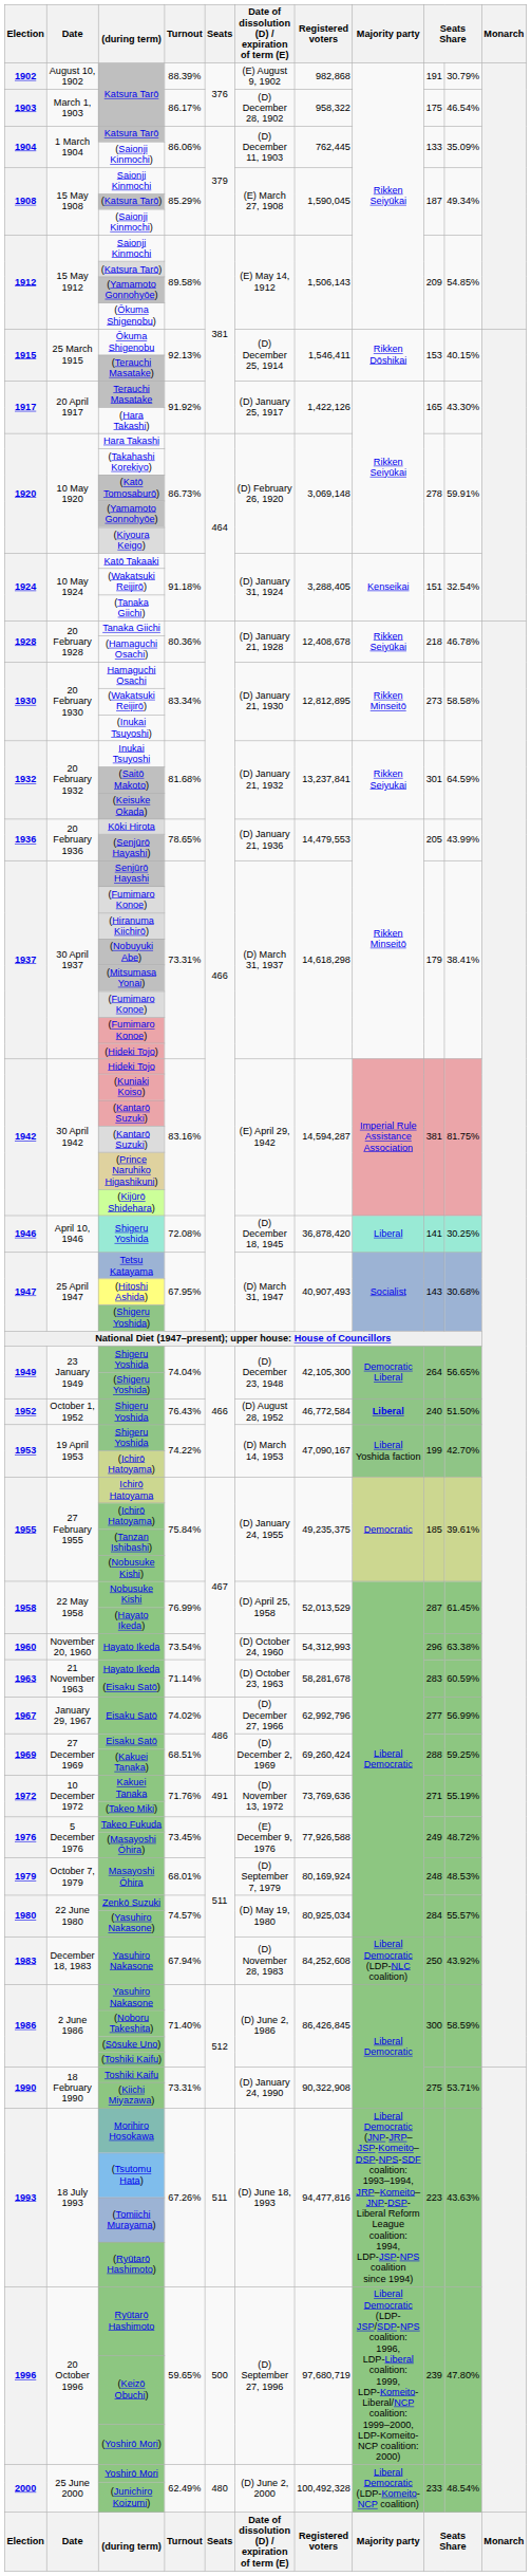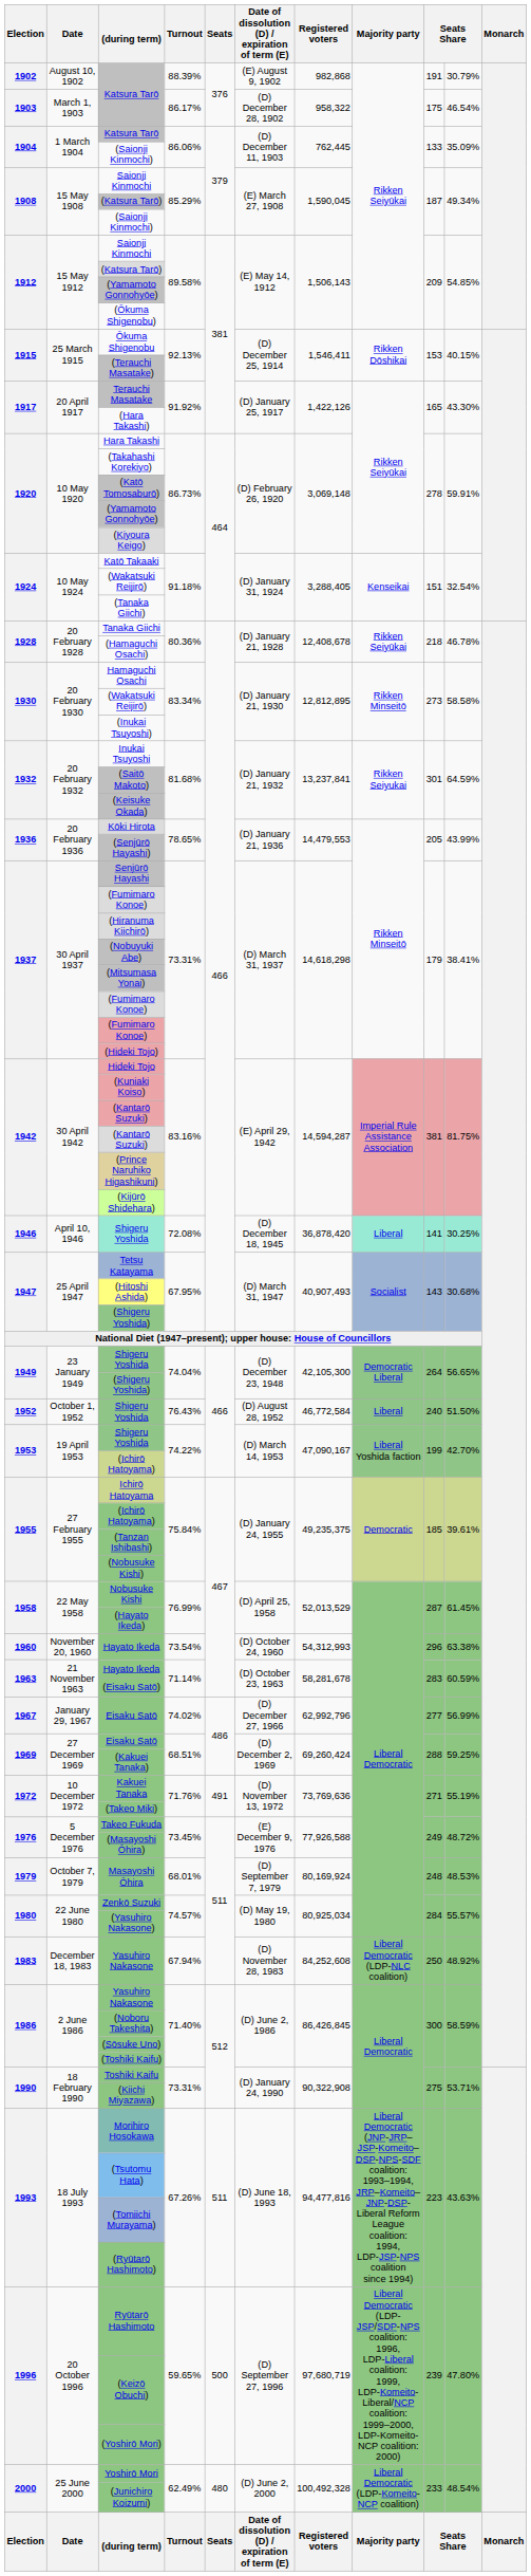 <table class="wikitable plainrowheaders" style="text-align:center">
 <tr>
 <th>Election</th>
 <th>Date</th>
 <th><br>(during term)</th>
 <th>Turnout</th>
 <th>Seats</th>
 <th>Date of<br>dissolution (D) /<br>expiration of term (E)</th>
 <th>Registered<br>voters</th>
 <th>Majority party</th>
 <th colspan=2>Seats Share</th>
 <th>Monarch<br></th>
 </tr>
 <tr>
 <th><a href='#'>1902</a></th>
 <td>August 10, 1902</td>
 <td bgcolor="#bfbfbf" rowspan=2><a href='#'>Katsura Tarō</a></td>
 <td>88.39%</td>
 <td rowspan=2>376</td>
 <td>(E) August 9, 1902</td>
 <td align="right">982,868</td>
 <td rowspan="11"><a href='#'>Rikken Seiyūkai</a></td>
 <td>191</td>
 <td>30.79%</td>
 <th rowspan=11 style="font-weight:normal"><strong></strong><br><div></div></th>
 </tr>
 <tr>
 <th><a href='#'>1903</a></th>
 <td>March 1, 1903</td>
 <td>86.17%</td>
 <td>(D) December 28, 1902</td>
 <td align="right">958,322</td>
 <td>175</td>
 <td>46.54%</td>
 </tr>
 <tr>
 <th rowspan=2><a href='#'>1904</a></th>
 <td rowspan=2>1 March 1904</td>
 <td bgcolor="#bfbfbf"><a href='#'>Katsura Tarō</a></td>
 <td rowspan=2>86.06%</td>
 <td rowspan=5>379</td>
 <td rowspan=2>(D) December 11, 1903</td>
 <td rowspan=2 align="right">762,445</td>
 <td rowspan=2>133</td>
 <td rowspan=2>35.09%</td>
 </tr>
 <tr>
 <td>(<a href='#'>Saionji Kinmochi</a>)</td>
 </tr>
 <tr>
 <th rowspan=3><a href='#'>1908</a></th>
 <td rowspan=3>15 May 1908</td>
 <td><a href='#'>Saionji Kinmochi</a></td>
 <td rowspan=3>85.29%</td>
 <td rowspan=3>(E) March 27, 1908</td>
 <td rowspan=3 align="right">1,590,045</td>
 <td rowspan=3>187</td>
 <td rowspan=3>49.34%</td>
 </tr>
 <tr>
 <td bgcolor="#bfbfbf">(<a href='#'>Katsura Tarō</a>)</td>
 </tr>
 <tr>
 <td>(<a href='#'>Saionji Kinmochi</a>)</td>
 </tr>
 <tr>
 <th rowspan=4><a href='#'>1912</a></th>
 <td rowspan=4>15 May 1912</td>
 <td><a href='#'>Saionji Kinmochi</a></td>
 <td rowspan=4>89.58%</td>
 <td rowspan=8>381</td>
 <td rowspan=4>(E) May 14, 1912</td>
 <td rowspan=4 align="right">1,506,143</td>
 <td rowspan=4>209</td>
 <td rowspan=4>54.85%</td>
 </tr>
 <tr>
 <td bgcolor="Gainsboro">(<a href='#'>Katsura Tarō</a>)</td>
 </tr>
 <tr>
 <td bgcolor="#bfbfbf">(<a href='#'>Yamamoto Gonnohyōe</a>)</td>
 </tr>
 <tr>
 <td bgcolor=>(<a href='#'>Ōkuma Shigenobu</a>)</td>
 </tr>
 <tr>
 <th rowspan=2><a href='#'>1915</a></th>
 <td rowspan=2>25 March 1915</td>
 <td bgcolor=><a href='#'>Ōkuma Shigenobu</a></td>
 <td rowspan=2>92.13%</td>
 <td rowspan=2>(D) December 25, 1914</td>
 <td rowspan=2 align="right">1,546,411</td>
 <td rowspan=2 bgcolor=><a href='#'>Rikken Dōshikai</a></td>
 <td rowspan=2 bgcolor=>153</td>
 <td rowspan=2 bgcolor=>40.15%</td>
 <th rowspan=12 style="font-weight:normal"><strong></strong><br><div></div></th>
 </tr>
 <tr>
 <td bgcolor="#bfbfbf">(<a href='#'>Terauchi Masatake</a>)</td>
 </tr>
 <tr>
 <th rowspan=2><a href='#'>1917</a></th>
 <td rowspan=2>20 April 1917</td>
 <td bgcolor="#bfbfbf"><a href='#'>Terauchi Masatake</a></td>
 <td rowspan=2>91.92%</td>
 <td rowspan=2>(D) January 25, 1917</td>
 <td rowspan=2 align="right">1,422,126</td>
 <td rowspan=7 bgcolor=><a href='#'>Rikken Seiyūkai</a></td>
 <td rowspan=2 bgcolor=>165</td>
 <td rowspan=2 bgcolor=>43.30%</td>
 </tr>
 <tr>
 <td bgcolor=>(<a href='#'>Hara Takashi</a>)</td>
 </tr>
 <tr>
 <th rowspan=5><a href='#'>1920</a></th>
 <td rowspan=5>10 May 1920</td>
 <td bgcolor=><a href='#'>Hara Takashi</a></td>
 <td rowspan=5>86.73%</td>
 <td rowspan=8>464</td>
 <td rowspan=5>(D) February 26, 1920</td>
 <td rowspan=5 align="right">3,069,148</td>
 <td rowspan=5 bgcolor=>278</td>
 <td rowspan=5 bgcolor=>59.91%</td>
 </tr>
 <tr>
 <td bgcolor=>(<a href='#'>Takahashi Korekiyo</a>)</td>
 </tr>
 <tr>
 <td bgcolor="#bfbfbf">(<a href='#'>Katō Tomosaburō</a>)</td>
 </tr>
 <tr>
 <td bgcolor="#bfbfbf">(<a href='#'>Yamamoto Gonnohyōe</a>)</td>
 </tr>
 <tr>
 <td bgcolor="Gainsboro">(<a href='#'>Kiyoura Keigo</a>)</td>
 </tr>
 <tr>
 <th rowspan=3><a href='#'>1924</a></th>
 <td rowspan=3>10 May 1924</td>
 <td bgcolor=><a href='#'>Katō Takaaki</a></td>
 <td rowspan=3>91.18%</td>
 <td rowspan=3>(D) January 31, 1924</td>
 <td rowspan=3 align="right">3,288,405</td>
 <td rowspan=3 bgcolor=><a href='#'>Kenseikai</a></td>
 <td rowspan=3 bgcolor=>151</td>
 <td rowspan=3 bgcolor=>32.54%</td>
 </tr>
 <tr>
 <td bgcolor=>(<a href='#'>Wakatsuki Reijirō</a>)</td>
 </tr>
 <tr>
 <td bgcolor=>(<a href='#'>Tanaka Giichi</a>)</td>
 </tr>
 <tr>
 <th rowspan=2><a href='#'>1928</a></th>
 <td rowspan=2>20 February 1928</td>
 <td bgcolor=><a href='#'>Tanaka Giichi</a></td>
 <td rowspan=2>80.36%</td>
 <td rowspan=28>466</td>
 <td rowspan=2>(D) January 21, 1928</td>
 <td rowspan=2 align="right">12,408,678</td>
 <td rowspan=2 bgcolor=><a href='#'>Rikken Seiyūkai</a></td>
 <td rowspan=2 bgcolor=>218</td>
 <td rowspan=2 bgcolor=>46.78%</td>
 <th rowspan=58 style="font-weight:normal"><strong></strong><br><div></div></th>
 </tr>
 <tr>
 <td>(<a href='#'>Hamaguchi Osachi</a>)</td>
 </tr>
 <tr>
 <th rowspan=3><a href='#'>1930</a></th>
 <td rowspan=3>20 February 1930</td>
 <td><a href='#'>Hamaguchi Osachi</a></td>
 <td rowspan=3>83.34%</td>
 <td rowspan=3>(D) January 21, 1930</td>
 <td rowspan=3 align="right">12,812,895</td>
 <td rowspan=3><a href='#'>Rikken Minseitō</a></td>
 <td rowspan=3>273</td>
 <td rowspan=3>58.58%</td>
 </tr>
 <tr>
 <td>(<a href='#'>Wakatsuki Reijirō</a>)</td>
 </tr>
 <tr>
 <td>(<a href='#'>Inukai Tsuyoshi</a>)</td>
 </tr>
 <tr>
 <th rowspan=3><a href='#'>1932</a></th>
 <td rowspan=3>20 February 1932</td>
 <td><a href='#'>Inukai Tsuyoshi</a></td>
 <td rowspan=3>81.68%</td>
 <td rowspan=3>(D) January 21, 1932</td>
 <td rowspan=3 align="right">13,237,841</td>
 <td rowspan=3><a href='#'>Rikken Seiyukai</a></td>
 <td rowspan=3>301</td>
 <td rowspan=3>64.59%</td>
 </tr>
 <tr>
 <td bgcolor="#bfbfbf">(<a href='#'>Saitō Makoto</a>)</td>
 </tr>
 <tr>
 <td bgcolor="#bfbfbf">(<a href='#'>Keisuke Okada</a>)</td>
 </tr>
 <tr>
 <th rowspan=2><a href='#'>1936</a></th>
 <td rowspan=2>20 February 1936</td>
 <td bgcolor="Gainsboro"><a href='#'>Kōki Hirota</a></td>
 <td rowspan=2>78.65%</td>
 <td rowspan=2>(D) January 21, 1936</td>
 <td rowspan=2 align="right">14,479,553</td>
 <td rowspan=10><a href='#'>Rikken Minseitō</a></td>
 <td rowspan=2>205</td>
 <td rowspan=2>43.99%</td>
 </tr>
 <tr>
 <td bgcolor="#bfbfbf">(<a href='#'>Senjūrō Hayashi</a>)</td>
 </tr>
 <tr>
 <th rowspan=8><a href='#'>1937</a></th>
 <td rowspan=8>30 April 1937</td>
 <td bgcolor="#bfbfbf"><a href='#'>Senjūrō Hayashi</a></td>
 <td rowspan=8>73.31%</td>
 <td rowspan=8>(D) March 31, 1937</td>
 <td rowspan=8 align="right">14,618,298</td>
 <td rowspan=8>179</td>
 <td rowspan=8>38.41%</td>
 </tr>
 <tr>
 <td bgcolor="Gainsboro">(<a href='#'>Fumimaro Konoe</a>)</td>
 </tr>
 <tr>
 <td bgcolor="Gainsboro">(<a href='#'>Hiranuma Kiichirō</a>)</td>
 </tr>
 <tr>
 <td bgcolor="#bfbfbf">(<a href='#'>Nobuyuki Abe</a>)</td>
 </tr>
 <tr>
 <td bgcolor="#bfbfbf">(<a href='#'>Mitsumasa Yonai</a>)</td>
 </tr>
 <tr>
 <td bgcolor="Gainsboro">(<a href='#'>Fumimaro Konoe</a>)</td>
 </tr>
 <tr>
 <td bgcolor="#eba5a9">(<a href='#'>Fumimaro Konoe</a>)</td>
 </tr>
 <tr>
 <td bgcolor="#eba5a9">(<a href='#'>Hideki Tojo</a>)</td>
 </tr>
 <tr>
 <th rowspan=6><a href='#'>1942</a></th>
 <td rowspan=6>30 April 1942</td>
 <td bgcolor="#eba5a9"><a href='#'>Hideki Tojo</a></td>
 <td rowspan=6>83.16%</td>
 <td rowspan=6>(E) April 29, 1942</td>
 <td rowspan=6 align="right">14,594,287</td>
 <td rowspan=6 bgcolor="#eba5a9"><a href='#'>Imperial Rule Assistance Association</a></td>
 <td rowspan=6 bgcolor="#eba5a9">381</td>
 <td rowspan=6 bgcolor="#eba5a9">81.75%</td>
 </tr>
 <tr>
 <td bgcolor="#eba5a9">(<a href='#'>Kuniaki Koiso</a>)</td>
 </tr>
 <tr>
 <td bgcolor="#eba5a9">(<a href='#'>Kantarō Suzuki</a>)</td>
 </tr>
 <tr>
 <td bgcolor="Gainsboro">(<a href='#'>Kantarō Suzuki</a>)</td>
 </tr>
 <tr>
 <td bgcolor="#dfd29f">(<a href='#'>Prince Naruhiko Higashikuni</a>)</td>
 </tr>
 <tr>
 <td bgcolor="#ccff99">(<a href='#'>Kijūrō Shidehara</a>)</td>
 </tr>
 <tr>
 <th><a href='#'>1946</a></th>
 <td>April 10, 1946</td>
 <td bgcolor="#99ead5"><a href='#'>Shigeru Yoshida</a></td>
 <td>72.08%</td>
 <td>(D) December 18, 1945</td>
 <td align="right">36,878,420</td>
 <td bgcolor="#99ead5"><a href='#'>Liberal</a></td>
 <td bgcolor="#99ead5">141</td>
 <td bgcolor="#99ead5">30.25%</td>
 </tr>
 <tr>
 <th rowspan=3><a href='#'>1947</a></th>
 <td rowspan=3>25 April 1947</td>
 <td bgcolor="#9cb3d4"><a href='#'>Tetsu Katayama</a></td>
 <td rowspan=3>67.95%</td>
 <td rowspan=3>(D) March 31, 1947</td>
 <td rowspan=3 align="right">40,907,493</td>
 <td rowspan=3 bgcolor="#9cb3d4"><a href='#'>Socialist</a></td>
 <td rowspan=3 bgcolor="#9cb3d4">143</td>
 <td rowspan=3 bgcolor="#9cb3d4">30.68%</td>
 </tr>
 <tr>
 <td bgcolor="#ffff7f">(<a href='#'>Hitoshi Ashida</a>)</td>
 </tr>
 <tr>
 <td bgcolor="#8fc586">(<a href='#'>Shigeru Yoshida</a>)</td>
 </tr>
 <tr>
 <td align="center" style="background:#efefef;" colspan="10"><strong>National Diet (1947–present); upper house: <a href='#'>House of Councillors</a></strong></td>
 </tr>
 <tr>
 <th rowspan=2><a href='#'>1949</a></th>
 <td rowspan=2>23 January 1949</td>
 <td bgcolor="#8fc586"><a href='#'>Shigeru Yoshida</a></td>
 <td rowspan=2>74.04%</td>
 <td rowspan=5>466</td>
 <td rowspan=2>(D) December 23, 1948</td>
 <td rowspan=2 align="right">42,105,300</td>
 <td rowspan=2 bgcolor="#8fc586"><a href='#'>Democratic Liberal</a></td>
 <td rowspan=2 bgcolor="#8fc586">264</td>
 <td rowspan=2 bgcolor="#8fc586">56.65%</td>
 </tr>
 <tr>
 <td bgcolor="#8fc586">(<a href='#'>Shigeru Yoshida</a>)</td>
 </tr>
 <tr>
 <th><a href='#'>1952</a></th>
 <td>October 1, 1952</td>
 <td bgcolor="#8fc586"><a href='#'>Shigeru Yoshida</a></td>
 <td>76.43%</td>
 <td>(D) August 28, 1952</td>
 <td align="right">46,772,584</td>
-<td bgcolor="#8fc586"><strong><a href='#'>Liberal</a></strong></td>
+<td bgcolor="#8fc586"><a href='#'>Liberal</a></td>
 <td bgcolor="#8fc586">240</td>
 <td bgcolor="#8fc586">51.50%</td>
 </tr>
 <tr>
 <th rowspan=2><a href='#'>1953</a></th>
 <td rowspan=2>19 April 1953</td>
 <td bgcolor="#8fc586"><a href='#'>Shigeru Yoshida</a></td>
 <td rowspan=2>74.22%</td>
 <td rowspan=2>(D) March 14, 1953</td>
 <td rowspan=2 align="right">47,090,167</td>
 <td rowspan=2 bgcolor="#8fc586"><a href='#'>Liberal</a><br>Yoshida faction</td>
 <td rowspan=2 bgcolor="#8fc586">199</td>
 <td rowspan=2 bgcolor="#8fc586">42.70%</td>
 </tr>
 <tr>
 <td bgcolor="#ccd790">(<a href='#'>Ichirō Hatoyama</a>)</td>
 </tr>
 <tr>
 <th rowspan=4><a href='#'>1955</a></th>
 <td rowspan=4>27 February 1955</td>
 <td bgcolor="#ccd790"><a href='#'>Ichirō Hatoyama</a></td>
 <td rowspan=4>75.84%</td>
 <td rowspan=9>467</td>
 <td rowspan=4>(D) January 24, 1955</td>
 <td rowspan=4 align="right">49,235,375</td>
 <td rowspan=4 bgcolor="#ccd790"><a href='#'>Democratic</a></td>
 <td rowspan=4 bgcolor="#ccd790">185</td>
 <td rowspan=4 bgcolor="#ccd790">39.61%</td>
 </tr>
 <tr>
 <td bgcolor="#8dc681">(<a href='#'>Ichirō Hatoyama</a>)</td>
 </tr>
 <tr>
 <td bgcolor="#8dc681">(<a href='#'>Tanzan Ishibashi</a>)</td>
 </tr>
 <tr>
 <td bgcolor="#8dc681">(<a href='#'>Nobusuke Kishi</a>)</td>
 </tr>
 <tr>
 <th rowspan=2><a href='#'>1958</a></th>
 <td rowspan=2>22 May 1958</td>
 <td bgcolor="#8dc681"><a href='#'>Nobusuke Kishi</a></td>
 <td rowspan=2>76.99%</td>
 <td rowspan=2>(D) April 25, 1958</td>
 <td rowspan=2 align="right">52,013,529</td>
 <td rowspan=15 bgcolor="#8dc681"><a href='#'>Liberal Democratic</a></td>
 <td rowspan=2 bgcolor="#8dc681">287</td>
 <td rowspan=2 bgcolor="#8dc681">61.45%</td>
 </tr>
 <tr>
 <td bgcolor="#8dc681">(<a href='#'>Hayato Ikeda</a>)</td>
 </tr>
 <tr>
 <th><a href='#'>1960</a></th>
 <td>November 20, 1960</td>
 <td bgcolor="#8dc681"><a href='#'>Hayato Ikeda</a></td>
 <td>73.54%</td>
 <td>(D) October 24, 1960</td>
 <td align="right">54,312,993</td>
 <td bgcolor="#8dc681">296</td>
 <td bgcolor="#8dc681">63.38%</td>
 </tr>
 <tr>
 <th rowspan=2><a href='#'>1963</a></th>
 <td rowspan=2>21 November 1963</td>
 <td bgcolor="#8dc681"><a href='#'>Hayato Ikeda</a></td>
 <td rowspan=2>71.14%</td>
 <td rowspan=2>(D) October 23, 1963</td>
 <td rowspan=2 align="right">58,281,678</td>
 <td rowspan=2 bgcolor="#8dc681">283</td>
 <td rowspan=2 bgcolor="#8dc681">60.59%</td>
 </tr>
 <tr>
 <td bgcolor="#8dc681">(<a href='#'>Eisaku Satō</a>)</td>
 </tr>
 <tr>
 <th><a href='#'>1967</a></th>
 <td>January 29, 1967</td>
 <td bgcolor="#8dc681"><a href='#'>Eisaku Satō</a></td>
 <td>74.02%</td>
 <td rowspan=3>486</td>
 <td>(D) December 27, 1966</td>
 <td align="right">62,992,796</td>
 <td bgcolor="#8dc681">277</td>
 <td bgcolor="#8dc681">56.99%</td>
 </tr>
 <tr>
 <th rowspan=2><a href='#'>1969</a></th>
 <td rowspan=2>27 December 1969</td>
 <td bgcolor="#8dc681"><a href='#'>Eisaku Satō</a></td>
 <td rowspan=2>68.51%</td>
 <td rowspan=2>(D) December 2, 1969</td>
 <td rowspan=2 align="right">69,260,424</td>
 <td rowspan=2 bgcolor="#8dc681">288</td>
 <td rowspan=2 bgcolor="#8dc681">59.25%</td>
 </tr>
 <tr>
 <td bgcolor="#8dc681">(<a href='#'>Kakuei Tanaka</a>)</td>
 </tr>
 <tr>
 <th rowspan=2><a href='#'>1972</a></th>
 <td rowspan=2>10 December 1972</td>
 <td bgcolor="#8dc681"><a href='#'>Kakuei Tanaka</a></td>
 <td rowspan=2>71.76%</td>
 <td rowspan=2>491</td>
 <td rowspan=2>(D) November 13, 1972</td>
 <td rowspan=2 align="right">73,769,636</td>
 <td rowspan=2 bgcolor="#8dc681">271</td>
 <td rowspan=2 bgcolor="#8dc681">55.19%</td>
 </tr>
 <tr>
 <td bgcolor="#8dc681">(<a href='#'>Takeo Miki</a>)</td>
 </tr>
 <tr>
 <th rowspan=2><a href='#'>1976</a></th>
 <td rowspan=2>5 December 1976</td>
 <td bgcolor="#8dc681"><a href='#'>Takeo Fukuda</a></td>
 <td rowspan=2>73.45%</td>
 <td rowspan=6>511</td>
 <td rowspan=2>(E) December 9, 1976</td>
 <td rowspan=2 align="right">77,926,588</td>
 <td rowspan=2 bgcolor="#8dc681">249</td>
 <td rowspan=2 bgcolor="#8dc681">48.72%</td>
 </tr>
 <tr>
 <td bgcolor="#8dc681">(<a href='#'>Masayoshi Ōhira</a>)</td>
 </tr>
 <tr>
 <th><a href='#'>1979</a></th>
 <td>October 7, 1979</td>
 <td bgcolor="#8dc681"><a href='#'>Masayoshi Ōhira</a></td>
 <td>68.01%</td>
 <td>(D) September 7, 1979</td>
 <td align="right">80,169,924</td>
 <td bgcolor="#8dc681">248</td>
 <td bgcolor="#8dc681">48.53%</td>
 </tr>
 <tr>
 <th rowspan=2><a href='#'>1980</a></th>
 <td rowspan=2>22 June 1980</td>
 <td bgcolor="#8dc681"><a href='#'>Zenkō Suzuki</a></td>
 <td rowspan=2>74.57%</td>
 <td rowspan=2>(D) May 19, 1980</td>
 <td rowspan=2 align="right">80,925,034</td>
 <td rowspan=2 bgcolor="#8dc681">284</td>
 <td rowspan=2 bgcolor="#8dc681">55.57%</td>
 </tr>
 <tr>
 <td bgcolor="#8dc681">(<a href='#'>Yasuhiro Nakasone</a>)</td>
 </tr>
 <tr>
 <th><a href='#'>1983</a></th>
 <td>December 18, 1983</td>
 <td bgcolor="#8dc681"><a href='#'>Yasuhiro Nakasone</a></td>
 <td>67.94%</td>
 <td>(D) November 28, 1983</td>
 <td align="right">84,252,608</td>
 <td bgcolor="#8dc681"><a href='#'>Liberal Democratic</a><br>(LDP-<a href='#'>NLC</a> coalition)</td>
 <td bgcolor="#8dc681">250</td>
-<td bgcolor="#8dc681">43.92%</td>
+<td bgcolor="#8dc681">48.92%</td>
 </tr>
 <tr>
 <th rowspan=4><a href='#'>1986</a></th>
 <td rowspan=4>2 June 1986</td>
 <td bgcolor="#8dc681"><a href='#'>Yasuhiro Nakasone</a></td>
 <td rowspan=4>71.40%</td>
 <td rowspan=6>512</td>
 <td rowspan=4>(D) June 2, 1986</td>
 <td rowspan=4 align="right">86,426,845</td>
 <td rowspan=6 bgcolor="#8dc681"><a href='#'>Liberal Democratic</a></td>
 <td rowspan=4 bgcolor="#8dc681">300</td>
 <td rowspan=4 bgcolor="#8dc681">58.59%</td>
 </tr>
 <tr>
 <td bgcolor="#8dc681">(<a href='#'>Noboru Takeshita</a>)</td>
 </tr>
 <tr>
 <td bgcolor="#8dc681">(<a href='#'>Sōsuke Uno</a>)</td>
 </tr>
 <tr>
 <td bgcolor="#8dc681">(<a href='#'>Toshiki Kaifu</a>)</td>
 </tr>
 <tr>
 <th rowspan=2><a href='#'>1990</a></th>
 <td rowspan=2>18 February 1990</td>
 <td bgcolor="#8dc681"><a href='#'>Toshiki Kaifu</a></td>
 <td rowspan=2>73.31%</td>
 <td rowspan=2>(D) January 24, 1990</td>
 <td rowspan=2 align="right">90,322,908</td>
 <td rowspan=2 bgcolor="#8dc681">275</td>
 <td rowspan=2 bgcolor="#8dc681">53.71%</td>
 <th rowspan=11 style="font-weight:normal"><br><div></div></th>
 </tr>
 <tr>
 <td bgcolor="#8dc681">(<a href='#'>Kiichi Miyazawa</a>)</td>
 </tr>
 <tr>
 <th rowspan=4><a href='#'>1993</a></th>
 <td rowspan=4>18 July 1993</td>
 <td bgcolor="#81bbb2"><a href='#'>Morihiro Hosokawa</a></td>
 <td rowspan=4>67.26%</td>
 <td rowspan=4>511</td>
 <td rowspan=4>(D) June 18, 1993</td>
 <td rowspan=4 align="right">94,477,816</td>
 <td rowspan=4 bgcolor="#8dc681"><a href='#'>Liberal Democratic</a><br>(<a href='#'>JNP</a>-<a href='#'>JRP</a>–<a href='#'>JSP</a>-<a href='#'>Komeito</a>–<a href='#'>DSP</a>-<a href='#'>NPS</a>-<a href='#'>SDF</a> coalition:<br>1993–1994,<br><a href='#'>JRP</a>–<a href='#'>Komeito</a>–<a href='#'>JNP</a>-<a href='#'>DSP</a>-Liberal Reform League coalition:<br>1994,<br>LDP-<a href='#'>JSP</a>-<a href='#'>NPS</a> coalition<br>since 1994)</td>
 <td rowspan=4 bgcolor="#8dc681">223</td>
 <td rowspan=4 bgcolor="#8dc681">43.63%</td>
 </tr>
 <tr>
 <td bgcolor="#7fbdec">(<a href='#'>Tsutomu Hata</a>)</td>
 </tr>
 <tr>
 <td bgcolor="#9CB3D4">(<a href='#'>Tomiichi Murayama</a>)</td>
 </tr>
 <tr>
 <td bgcolor="#8DC681">(<a href='#'>Ryūtarō Hashimoto</a>)</td>
 </tr>
 <tr>
 <th rowspan=3><a href='#'>1996</a></th>
 <td rowspan=3>20 October 1996</td>
 <td bgcolor="#8DC681"><a href='#'>Ryūtarō Hashimoto</a></td>
 <td rowspan=3>59.65%</td>
 <td rowspan=3>500</td>
 <td rowspan=3>(D) September 27, 1996</td>
 <td rowspan=3 align="right">97,680,719</td>
 <td rowspan=3 bgcolor="#8dc681"><a href='#'>Liberal Democratic</a><br>(LDP-<a href='#'>JSP</a>/<a href='#'>SDP</a>-<a href='#'>NPS</a> coalition:<br>1996,<br>LDP-<a href='#'>Liberal</a> coalition:<br>1999,<br>LDP-<a href='#'>Komeito</a>-Liberal/<a href='#'>NCP</a> coalition:<br>1999–2000,<br>LDP-Komeito-NCP coalition:<br>2000)</td>
 <td rowspan=3 bgcolor="#8dc681">239</td>
 <td rowspan=3 bgcolor="#8dc681">47.80%</td>
 </tr>
 <tr>
 <td bgcolor="#8DC681">(<a href='#'>Keizō Obuchi</a>)</td>
 </tr>
 <tr>
 <td bgcolor="#8DC681">(<a href='#'>Yoshirō Mori</a>)</td>
 </tr>
 <tr>
 <th rowspan=2><a href='#'>2000</a></th>
 <td rowspan=2>25 June 2000</td>
 <td bgcolor="#8DC681"><a href='#'>Yoshirō Mori</a></td>
 <td rowspan=2>62.49%</td>
 <td rowspan=2>480</td>
 <td rowspan=2>(D) June 2, 2000</td>
 <td rowspan=2 align="right">100,492,328</td>
 <td rowspan=2 bgcolor="#8dc681"><a href='#'>Liberal Democratic</a><br>(LDP-<a href='#'>Komeito</a>-<a href='#'>NCP</a> coalition)</td>
 <td rowspan=2 bgcolor="#8dc681">233</td>
 <td rowspan=2 bgcolor="#8dc681">48.54%</td>
 </tr>
 <tr>
 <td bgcolor="#8DC681">(<a href='#'>Junichiro Koizumi</a>)</td>
 </tr>
 <tr>
 <th>Election</th>
 <th>Date</th>
 <th><br>(during term)</th>
 <th>Turnout</th>
 <th>Seats</th>
 <th>Date of<br>dissolution (D) /<br>expiration of term (E)</th>
 <th>Registered<br>voters</th>
 <th>Majority party</th>
 <th colspan=2>Seats Share</th>
 <th>Monarch<br></th>
 </tr>
 </table>
